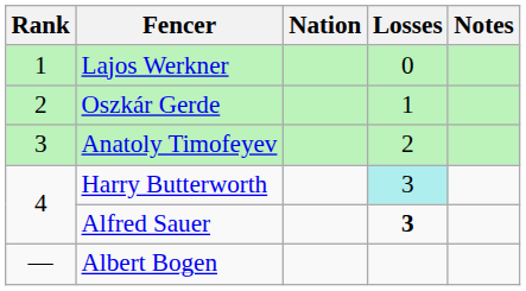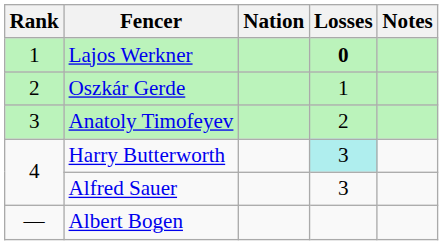 <table class="wikitable sortable" style="text-align:center">
 <tr>
 <th>Rank</th>
 <th>Fencer</th>
 <th>Nation</th>
 <th>Losses</th>
 <th>Notes</th>
 </tr>
 <tr bgcolor=bbf3bb>
 <td>1</td>
 <td align=left><a href='#'>Lajos Werkner</a></td>
 <td align=left></td>
-<td>0</td>
+<td><strong>0</strong></td>
 <td></td>
 </tr>
 <tr bgcolor=bbf3bb>
 <td>2</td>
 <td align=left><a href='#'>Oszkár Gerde</a></td>
 <td align=left></td>
 <td>1</td>
 <td></td>
 </tr>
 <tr bgcolor=bbf3bb>
 <td>3</td>
 <td align=left><a href='#'>Anatoly Timofeyev</a></td>
 <td align=left></td>
 <td>2</td>
 <td></td>
 </tr>
 <tr>
 <td rowspan=2>4</td>
 <td align=left><a href='#'>Harry Butterworth</a></td>
 <td align=left></td>
 <td style="background: paleturquoise;">3</td>
 <td></td>
 </tr>
 <tr>
 <td align=left><a href='#'>Alfred Sauer</a></td>
 <td align=left></td>
-<td><strong>3</strong></td>
+<td>3</td>
 <td></td>
 </tr>
 <tr>
 <td data-sort-value=6>—</td>
 <td align=left><a href='#'>Albert Bogen</a></td>
 <td align=left></td>
 <td></td>
 <td></td>
 </tr>
 </table>
